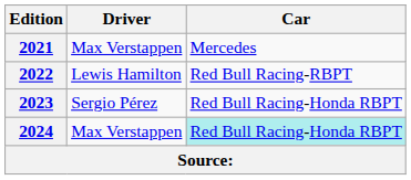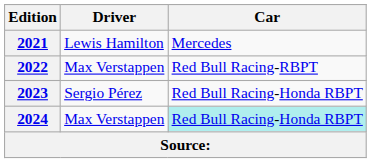 <table Class = "wikitable" style = "font-size: 90%;">
 <tr>
 <th>Edition</th>
 <th>Driver</th>
 <th>Car</th>
 </tr>
 <tr>
 <th><a href='#'>2021</a></th>
-<td> <a href='#'>Max Verstappen</a></td>
+<td> <a href='#'>Lewis Hamilton</a></td>
 <td><a href='#'>Mercedes</a></td>
 </tr>
 <tr>
 <th><a href='#'>2022</a></th>
-<td> <a href='#'>Lewis Hamilton</a></td>
+<td> <a href='#'>Max Verstappen</a></td>
 <td><a href='#'>Red Bull Racing</a>-<a href='#'>RBPT</a></td>
 </tr>
 <tr>
 <th><a href='#'>2023</a></th>
 <td> <a href='#'>Sergio Pérez</a></td>
 <td><a href='#'>Red Bull Racing</a>-<a href='#'>Honda RBPT</a></td>
 </tr>
 <tr>
 <th><a href='#'>2024</a></th>
 <td> <a href='#'>Max Verstappen</a></td>
 <td style="background: paleturquoise;"><a href='#'>Red Bull Racing</a>-<a href='#'>Honda RBPT</a></td>
 </tr>
 <tr>
 <th colspan=4>Source:</th>
 </tr>
 </table>
